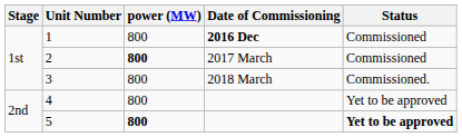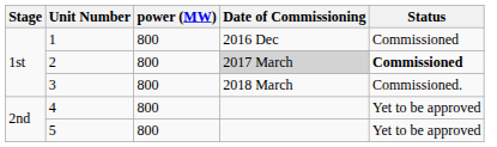 <table class="wikitable">
 <tr>
 <th>Stage</th>
 <th>Unit Number</th>
 <th>power (<a href='#'>MW</a>)</th>
 <th>Date of Commissioning</th>
 <th>Status</th>
 </tr>
 <tr>
 <td rowspan = "3">1st</td>
 <td>1</td>
 <td>800</td>
-<td><strong>2016 Dec</strong></td>
+<td>2016 Dec</td>
 <td>Commissioned </td>
 </tr>
 <tr>
 <td>2</td>
-<td><strong>800</strong></td>
-<td>2017 March</td>
-<td>Commissioned </td>
+<td>800</td>
+<td style="background: lightgrey;">2017 March</td>
+<td><strong>Commissioned </strong></td>
 </tr>
 <tr>
 <td>3</td>
 <td>800</td>
 <td>2018 March</td>
 <td>Commissioned.</td>
 </tr>
 <tr>
 <td rowspan = "2">2nd</td>
 <td>4</td>
 <td>800</td>
 <td></td>
 <td>Yet to be approved</td>
 </tr>
 <tr>
 <td>5</td>
-<td><strong>800</strong></td>
+<td>800</td>
 <td></td>
-<td><strong>Yet to be approved</strong></td>
+<td>Yet to be approved</td>
 </tr>
 </table>
